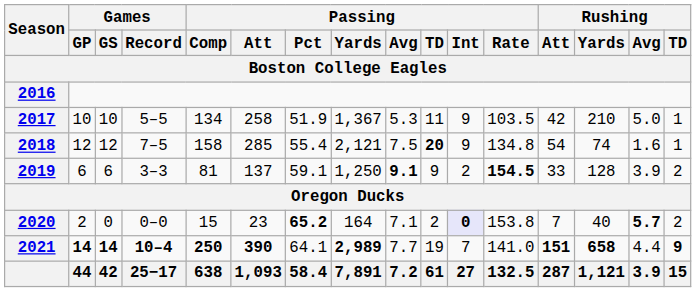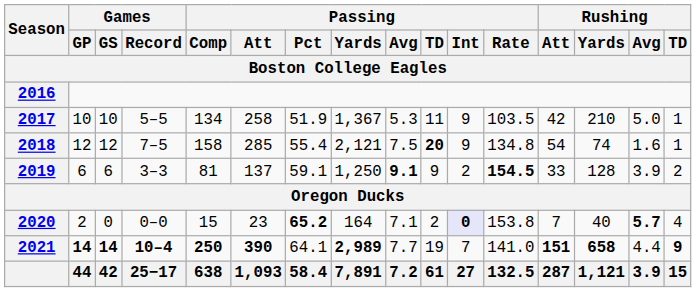 <table class="wikitable" style="text-align:center;">
 <tr>
 <th rowspan="2">Season</th>
 <th colspan="3">Games</th>
 <th colspan="8">Passing</th>
 <th colspan="5">Rushing</th>
 </tr>
 <tr>
 <th>GP</th>
 <th>GS</th>
 <th>Record</th>
 <th>Comp</th>
 <th>Att</th>
 <th>Pct</th>
 <th>Yards</th>
 <th>Avg</th>
 <th>TD</th>
 <th>Int</th>
 <th>Rate</th>
 <th>Att</th>
 <th>Yards</th>
 <th>Avg</th>
 <th>TD</th>
 </tr>
 <tr>
 <th colspan="16">Boston College Eagles</th>
 </tr>
 <tr>
 <th><a href='#'>2016</a></th>
 <td colspan="15"></td>
 </tr>
 <tr>
 <th><a href='#'>2017</a></th>
 <td>10</td>
 <td>10</td>
 <td>5–5</td>
 <td>134</td>
 <td>258</td>
 <td>51.9</td>
 <td>1,367</td>
 <td>5.3</td>
 <td>11</td>
 <td>9</td>
 <td>103.5</td>
 <td>42</td>
 <td>210</td>
 <td>5.0</td>
 <td>1</td>
 </tr>
 <tr>
 <th><a href='#'>2018</a></th>
 <td>12</td>
 <td>12</td>
 <td>7–5</td>
 <td>158</td>
 <td>285</td>
 <td>55.4</td>
 <td>2,121</td>
 <td>7.5</td>
 <td><strong>20</strong></td>
 <td>9</td>
 <td>134.8</td>
 <td>54</td>
 <td>74</td>
 <td>1.6</td>
 <td>1</td>
 </tr>
 <tr>
 <th><a href='#'>2019</a></th>
 <td>6</td>
 <td>6</td>
 <td>3–3</td>
 <td>81</td>
 <td>137</td>
 <td>59.1</td>
 <td>1,250</td>
 <td><strong>9.1</strong></td>
 <td>9</td>
 <td>2</td>
 <td><strong>154.5</strong></td>
 <td>33</td>
 <td>128</td>
 <td>3.9</td>
 <td>2</td>
 </tr>
 <tr>
 <th colspan="16">Oregon Ducks</th>
 </tr>
 <tr>
 <th><a href='#'>2020</a></th>
 <td>2</td>
 <td>0</td>
 <td>0–0</td>
 <td>15</td>
 <td>23</td>
 <td><strong>65.2</strong></td>
 <td>164</td>
 <td>7.1</td>
 <td>2</td>
 <td style="background: lavender;"><strong>0</strong></td>
 <td>153.8</td>
 <td>7</td>
 <td>40</td>
 <td><strong>5.7</strong></td>
-<td>2</td>
+<td>4</td>
 </tr>
 <tr>
 <th><a href='#'>2021</a></th>
 <td><strong>14</strong></td>
 <td><strong>14</strong></td>
 <td><strong>10–4</strong></td>
 <td><strong>250</strong></td>
 <td><strong>390</strong></td>
 <td>64.1</td>
 <td><strong>2,989</strong></td>
 <td>7.7</td>
 <td>19</td>
 <td>7</td>
 <td>141.0</td>
 <td><strong>151</strong></td>
 <td><strong>658</strong></td>
 <td>4.4</td>
 <td><strong>9</strong></td>
 </tr>
 <tr>
 <th></th>
 <th>44</th>
 <th>42</th>
 <th>25−17</th>
 <th>638</th>
 <th>1,093</th>
 <th>58.4</th>
 <th>7,891</th>
 <th>7.2</th>
 <th>61</th>
 <th>27</th>
 <th>132.5</th>
 <th>287</th>
 <th>1,121</th>
 <th>3.9</th>
 <th>15</th>
 </tr>
 </table>
